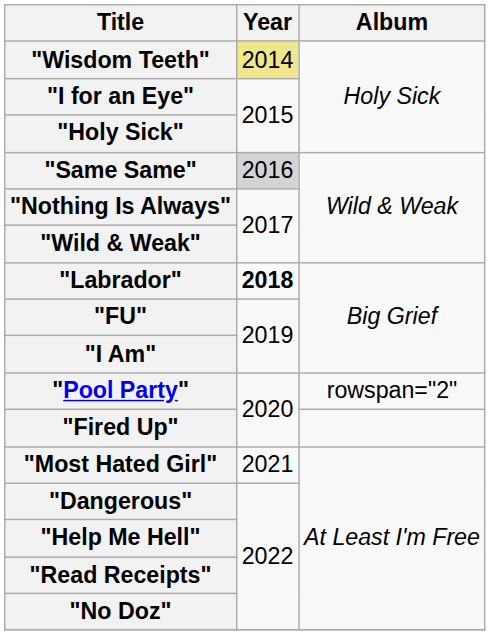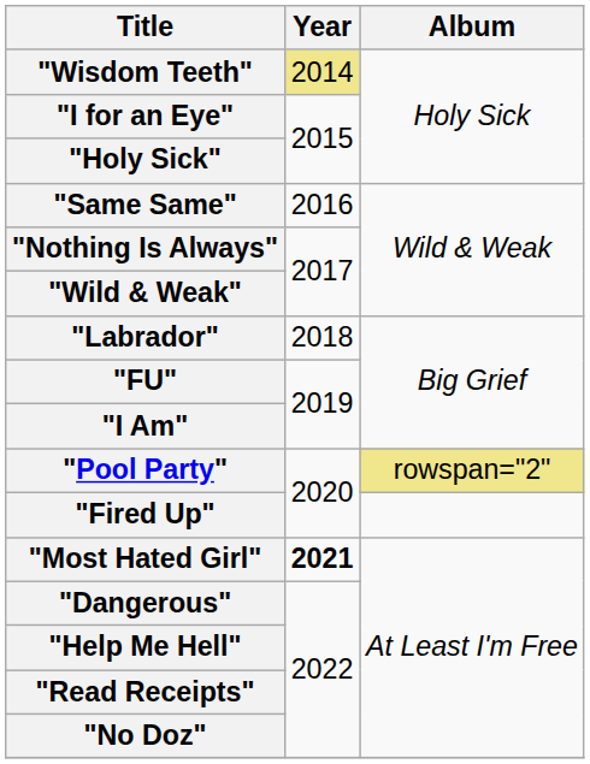 <table class="wikitable plainrowheaders" style="text-align:center;">
 <tr>
 <th scope="col" rowspan="1">Title</th>
 <th scope="col" rowspan="1">Year</th>
 <th scope="col" rowspan="1">Album</th>
 </tr>
 <tr>
 <th scope="row">"Wisdom Teeth"</th>
 <td style="background: khaki;">2014</td>
 <td rowspan="3"><em>Holy Sick</em></td>
 </tr>
 <tr>
 <th scope="row">"I for an Eye"</th>
 <td rowspan="2">2015</td>
 </tr>
 <tr>
 <th scope="row">"Holy Sick"</th>
 </tr>
 <tr>
 <th scope="row">"Same Same"</th>
-<td style="background: lightgrey;">2016</td>
+<td>2016</td>
 <td rowspan="3"><em>Wild & Weak</em></td>
 </tr>
 <tr>
 <th scope="row">"Nothing Is Always"</th>
 <td rowspan="2">2017</td>
 </tr>
 <tr>
 <th scope="row">"Wild & Weak"</th>
 </tr>
 <tr>
 <th scope="row">"Labrador"</th>
-<td><strong>2018</strong></td>
+<td>2018</td>
 <td rowspan="3"><em>Big Grief</em></td>
 </tr>
 <tr>
 <th scope="row">"FU"</th>
 <td rowspan="2">2019</td>
 </tr>
 <tr>
 <th scope="row">"I Am"</th>
 </tr>
 <tr>
 <th scope="row">"<a href='#'>Pool Party</a>"</th>
 <td rowspan="2">2020</td>
-<td>rowspan="2" </td>
+<td style="background: khaki;">rowspan="2" </td>
 </tr>
 <tr>
 <th scope="row">"Fired Up"</th>
 </tr>
 <tr>
 <th scope="row">"Most Hated Girl"</th>
-<td>2021</td>
+<td><strong>2021</strong></td>
 <td rowspan="5"><em>At Least I'm Free</em></td>
 </tr>
 <tr>
 <th scope="row">"Dangerous"</th>
 <td rowspan="4">2022</td>
 </tr>
 <tr>
 <th scope="row">"Help Me Hell"</th>
 </tr>
 <tr>
 <th scope="row">"Read Receipts"</th>
 </tr>
 <tr>
 <th scope="row">"No Doz"</th>
 </tr>
 <tr>
 </tr>
 </table>
